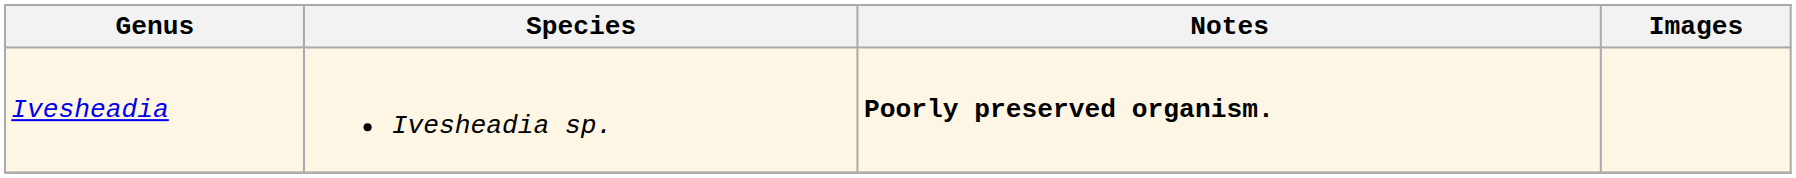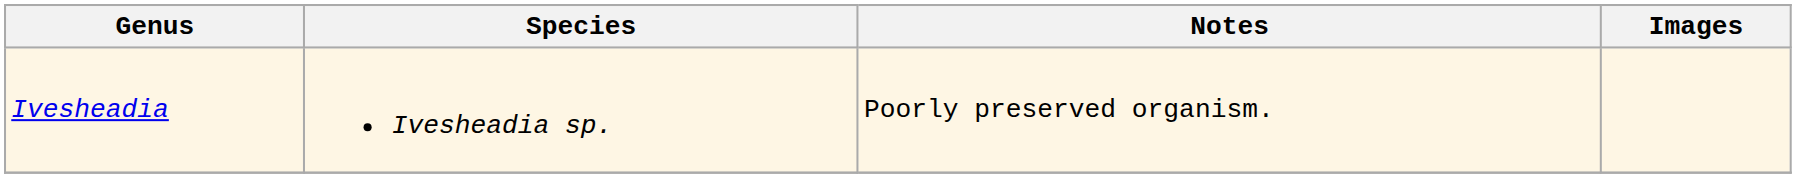 <table class="wikitable" style="width:70%;">
 <tr>
 <th>Genus</th>
 <th>Species</th>
 <th>Notes</th>
 <th>Images</th>
 </tr>
 <tr>
 <td style="background:#FEF6E4;"><em><a href='#'>Ivesheadia</a></em></td>
 <td style="background:#FEF6E4;"><br><ul><li><em>Ivesheadia sp.</em></li></ul></td>
-<td style="background:#FEF6E4;"><strong>Poorly preserved organism.</strong></td>
+<td style="background:#FEF6E4;">Poorly preserved organism.</td>
 <td style="background:#FEF6E4;"></td>
 </tr>
 <tr>
 </tr>
 </table>
